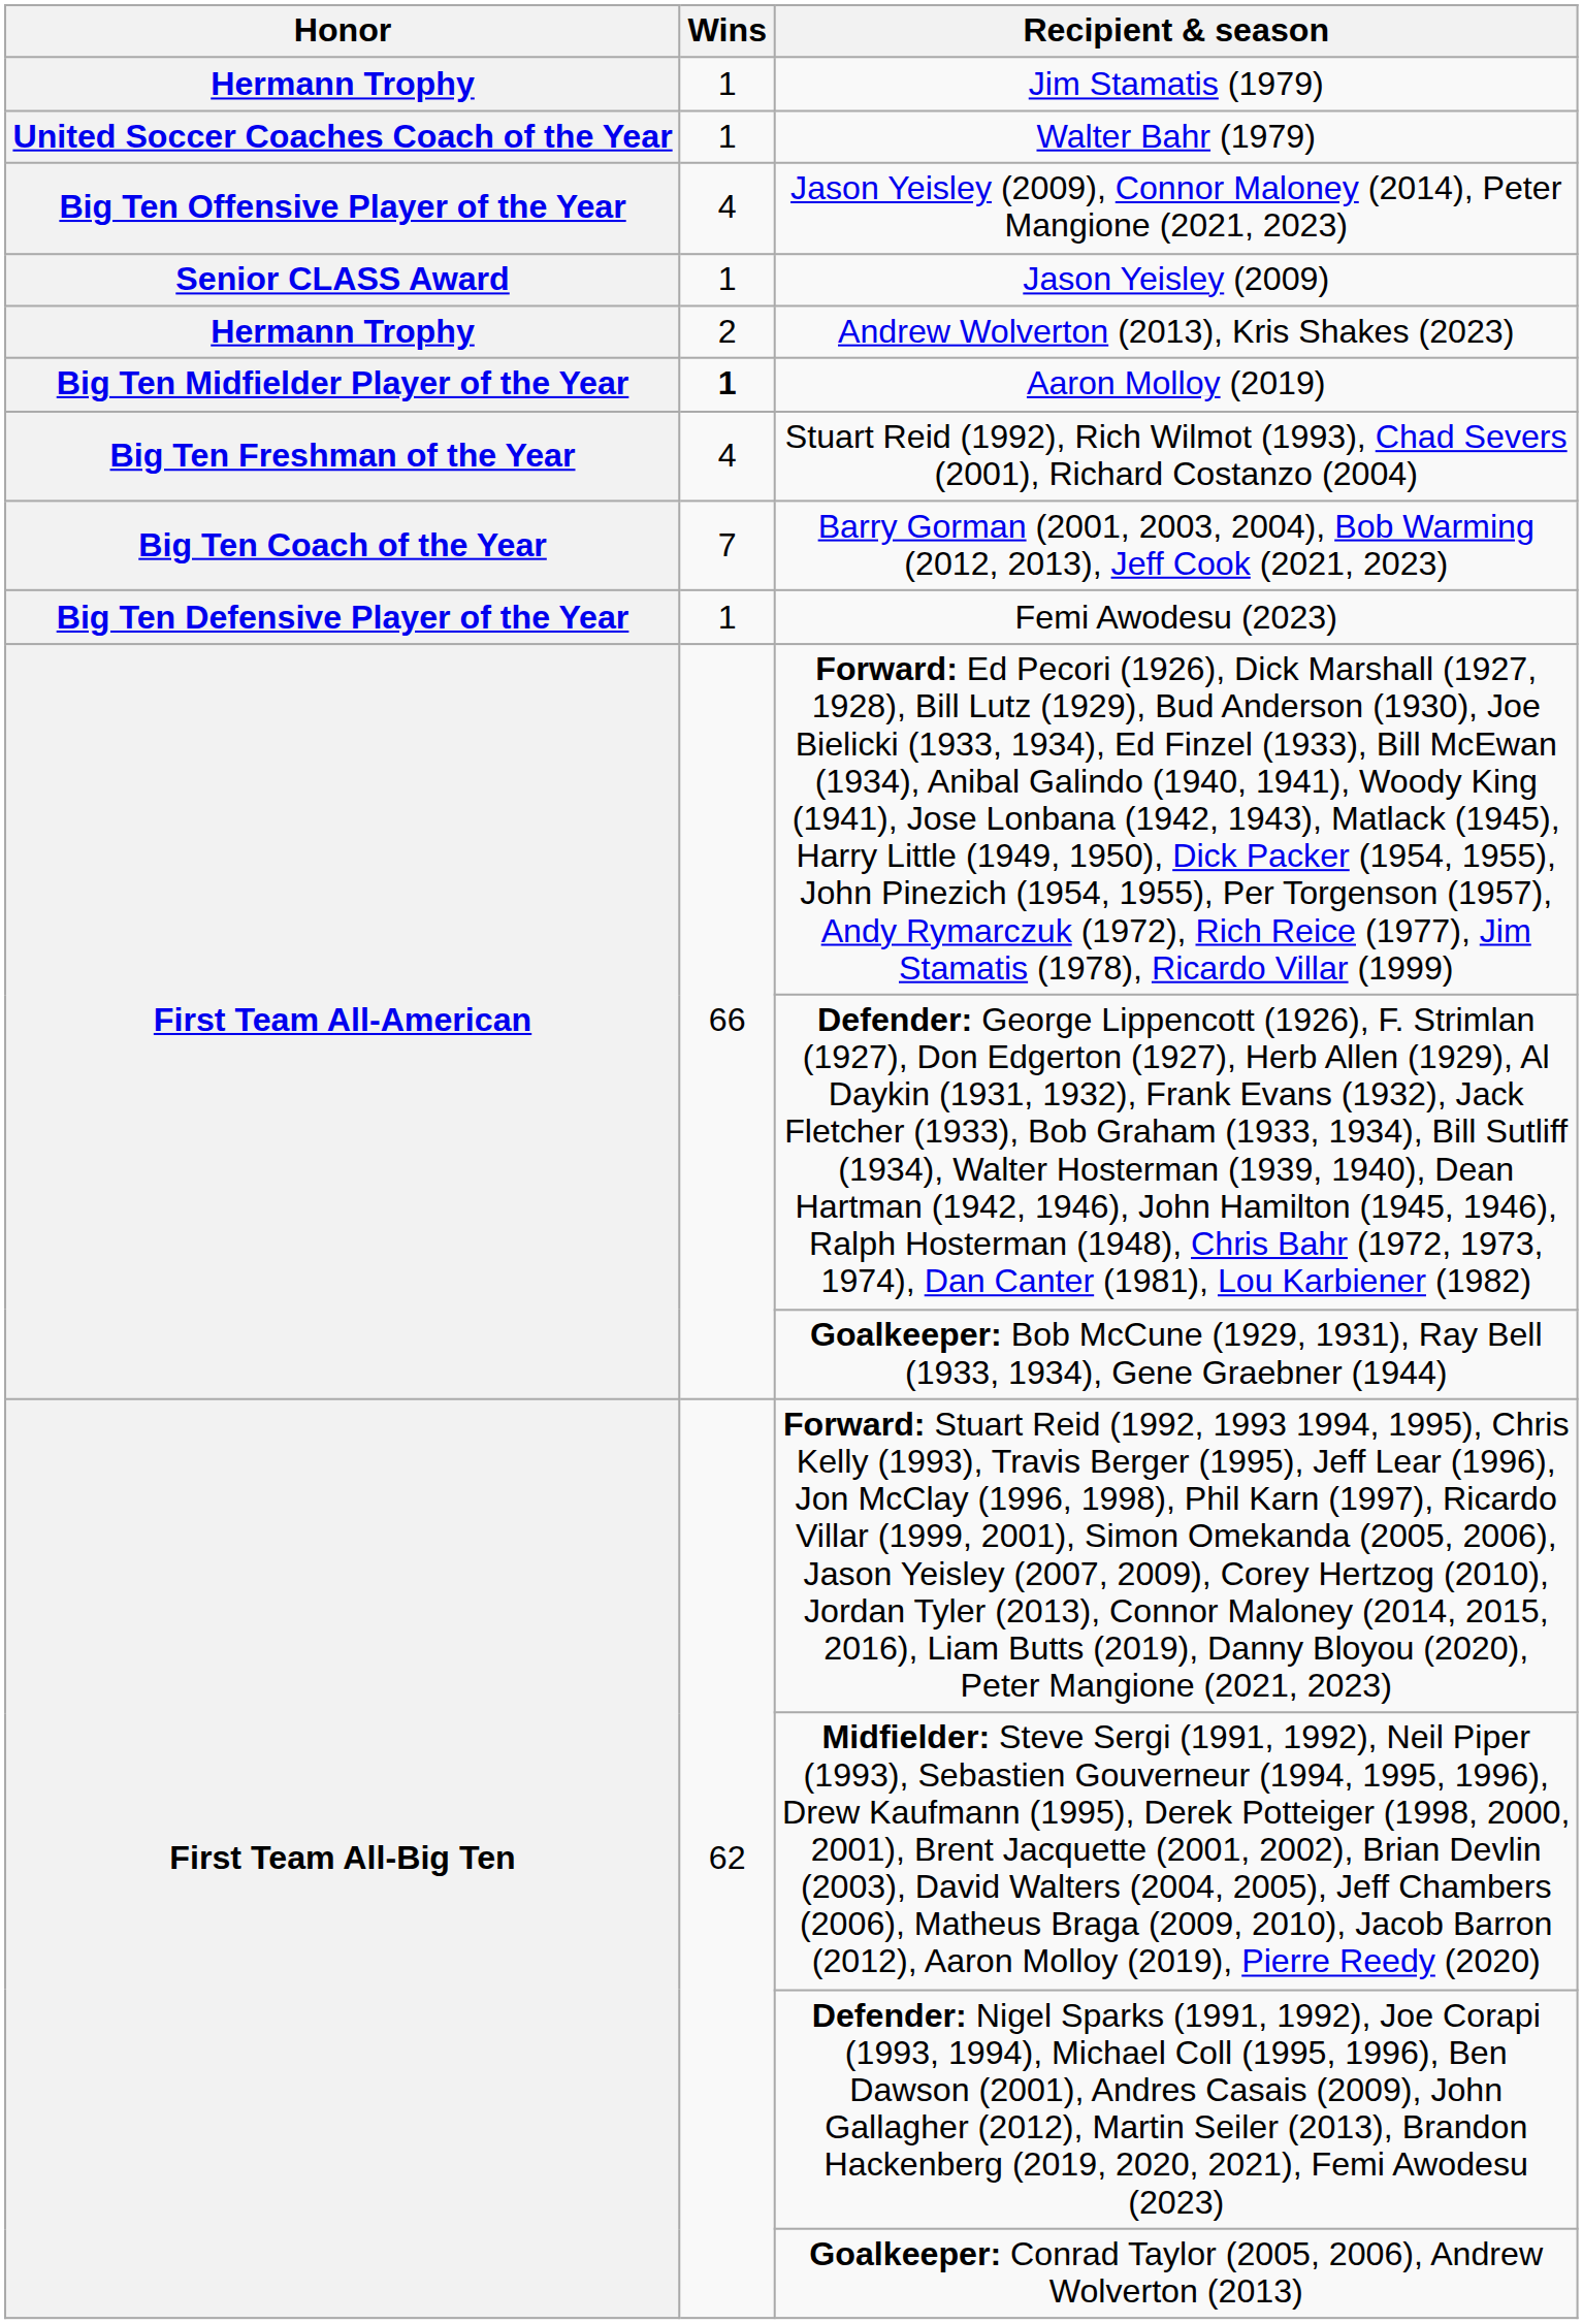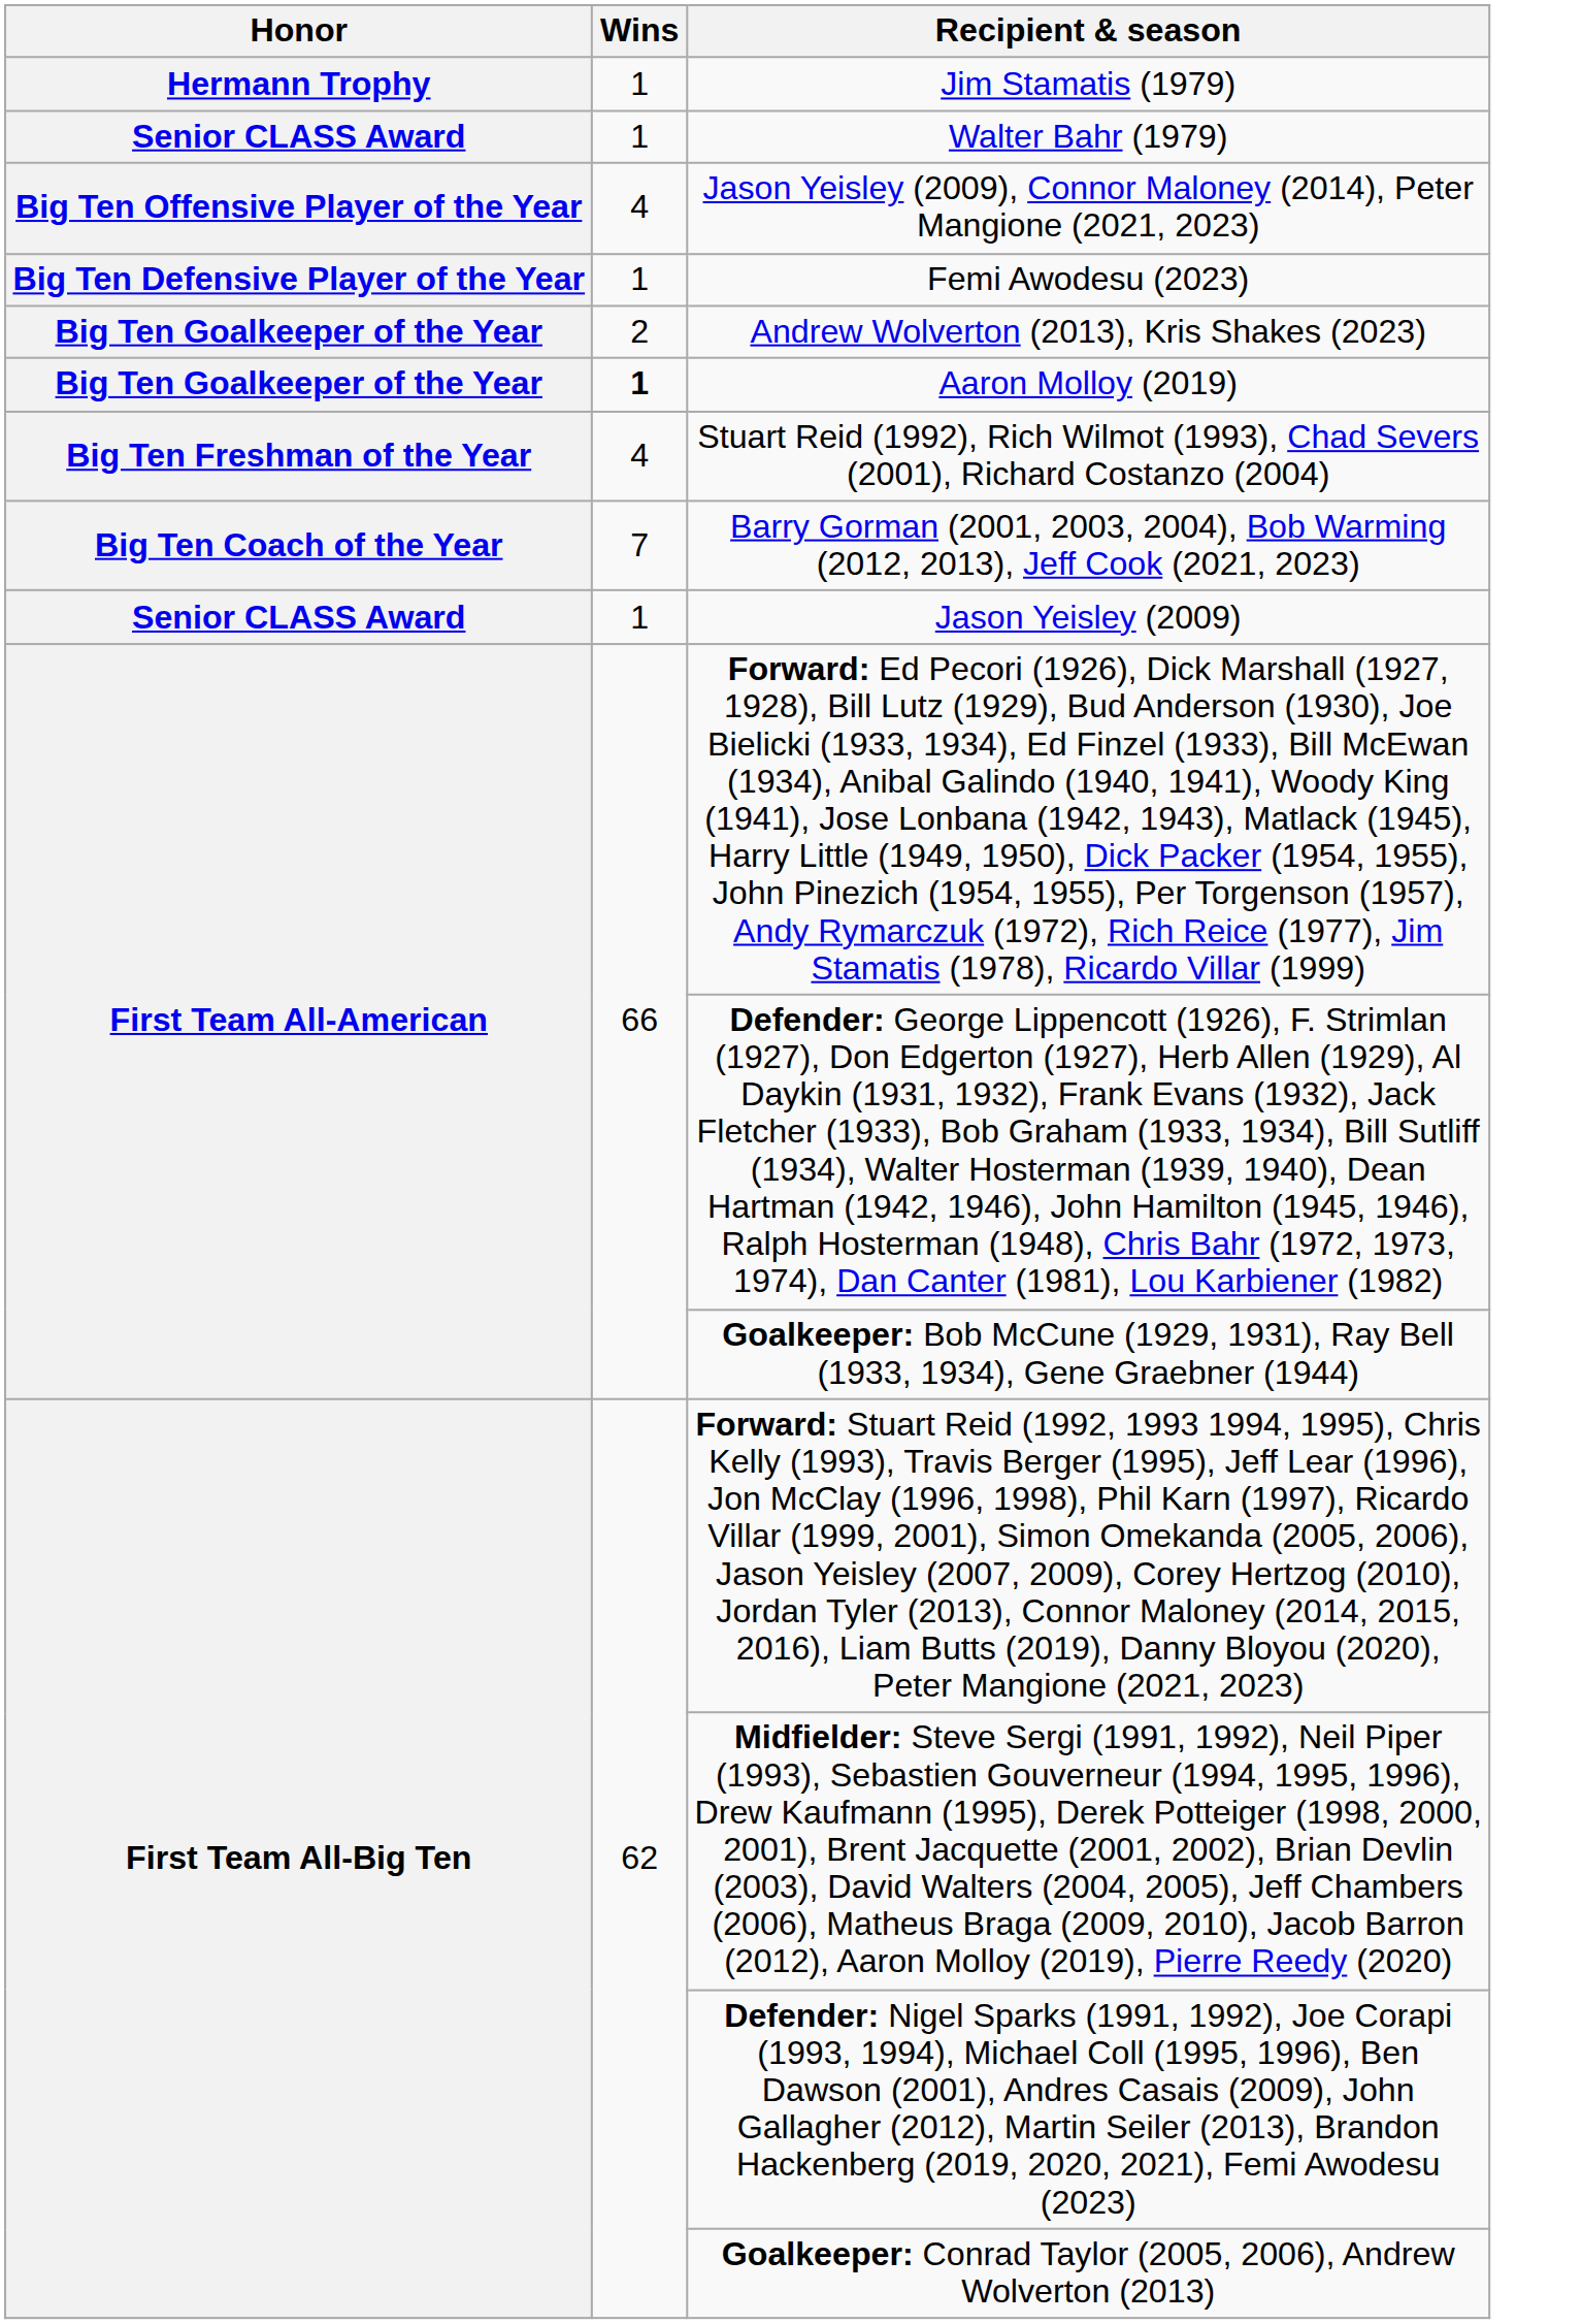 <table class="wikitable"; style= "text-align:center">
 <tr>
 <th>Honor</th>
 <th>Wins</th>
 <th>Recipient & season</th>
 </tr>
 <tr>
 <th style="text-align:center"><a href='#'>Hermann Trophy</a></th>
 <td>1</td>
 <td style="text-align:center"><a href='#'>Jim Stamatis</a> (1979)</td>
 </tr>
 <tr>
-<th style="text-align:center"><a href='#'>United Soccer Coaches Coach of the Year</a></th>
+<th style="text-align:center"><a href='#'>Senior CLASS Award</a></th>
 <td>1</td>
 <td style="text-align:center"><a href='#'>Walter Bahr</a> (1979)</td>
 </tr>
 <tr>
 <th style="text-align:center"><a href='#'>Big Ten Offensive Player of the Year</a></th>
 <td>4</td>
 <td style="text-align:center"><a href='#'>Jason Yeisley</a> (2009), <a href='#'>Connor Maloney</a> (2014), Peter Mangione (2021, 2023)</td>
 </tr>
 <tr>
-<th style="text-align:center"><a href='#'>Senior CLASS Award</a></th>
+<th style="text-align:center"><a href='#'>Big Ten Defensive Player of the Year</a></th>
 <td>1</td>
-<td style="text-align:center"><a href='#'>Jason Yeisley</a> (2009)</td>
+<td style="text-align:center">Femi Awodesu (2023)</td>
 </tr>
 <tr>
-<th style="text-align:center"><a href='#'>Hermann Trophy</a></th>
+<th style="text-align:center"><a href='#'>Big Ten Goalkeeper of the Year</a></th>
 <td>2</td>
 <td style="text-align:center"><a href='#'>Andrew Wolverton</a> (2013), Kris Shakes (2023)</td>
 </tr>
 <tr>
-<th style="text-align:center"><a href='#'>Big Ten Midfielder Player of the Year</a></th>
+<th style="text-align:center"><a href='#'>Big Ten Goalkeeper of the Year</a></th>
 <td><strong>1</strong></td>
 <td style="text-align:center"><a href='#'>Aaron Molloy</a> (2019)</td>
 </tr>
 <tr>
 <th style="text-align:center"><a href='#'>Big Ten Freshman of the Year</a></th>
 <td>4</td>
 <td style="text-align:center">Stuart Reid (1992), Rich Wilmot (1993), <a href='#'>Chad Severs</a> (2001), Richard Costanzo (2004)</td>
 </tr>
 <tr>
 <th style="text-align:center"><a href='#'>Big Ten Coach of the Year</a></th>
 <td>7</td>
 <td style="text-align:center"><a href='#'>Barry Gorman</a> (2001, 2003, 2004), <a href='#'>Bob Warming</a> (2012, 2013), <a href='#'>Jeff Cook</a> (2021, 2023)</td>
 </tr>
 <tr>
-<th style="text-align:center"><a href='#'>Big Ten Defensive Player of the Year</a></th>
+<th style="text-align:center"><a href='#'>Senior CLASS Award</a></th>
 <td>1</td>
-<td style="text-align:center">Femi Awodesu (2023)</td>
+<td style="text-align:center"><a href='#'>Jason Yeisley</a> (2009)</td>
 </tr>
 <tr>
 <th style="text-align:center" rowspan="3"><a href='#'>First Team All-American</a></th>
 <td rowspan="3">66</td>
 <td style="text-align:center; width:380px"><strong>Forward:</strong> Ed Pecori (1926), Dick Marshall (1927, 1928), Bill Lutz (1929), Bud Anderson (1930), Joe Bielicki (1933, 1934), Ed Finzel (1933), Bill McEwan (1934), Anibal Galindo (1940, 1941), Woody King (1941), Jose Lonbana (1942, 1943), Matlack (1945), Harry Little (1949, 1950), <a href='#'>Dick Packer</a> (1954, 1955), John Pinezich (1954, 1955), Per Torgenson (1957), <a href='#'>Andy Rymarczuk</a> (1972), <a href='#'>Rich Reice</a> (1977), <a href='#'>Jim Stamatis</a> (1978), <a href='#'>Ricardo Villar</a> (1999)</td>
 </tr>
 <tr>
 <td style="text-align:center; width:380px"><strong>Defender:</strong> George Lippencott (1926), F. Strimlan (1927), Don Edgerton (1927), Herb Allen (1929), Al Daykin (1931, 1932), Frank Evans (1932), Jack Fletcher (1933), Bob Graham (1933, 1934), Bill Sutliff (1934), Walter Hosterman (1939, 1940), Dean Hartman (1942, 1946), John Hamilton (1945, 1946), Ralph Hosterman (1948), <a href='#'>Chris Bahr</a> (1972, 1973, 1974), <a href='#'>Dan Canter</a> (1981), <a href='#'>Lou Karbiener</a> (1982)</td>
 </tr>
 <tr>
 <td style="text-align:center; width:380px"><strong>Goalkeeper:</strong> Bob McCune (1929, 1931), Ray Bell (1933, 1934), Gene Graebner (1944)</td>
 </tr>
 <tr>
 <th style="text-align:center" rowspan="4">First Team All-Big Ten</th>
 <td rowspan="4">62</td>
 <td style="text-align:center; width:380px"><strong>Forward:</strong> Stuart Reid (1992, 1993 1994, 1995), Chris Kelly (1993), Travis Berger (1995), Jeff Lear (1996), Jon McClay (1996, 1998), Phil Karn (1997), Ricardo Villar (1999, 2001), Simon Omekanda (2005, 2006), Jason Yeisley (2007, 2009), Corey Hertzog (2010), Jordan Tyler (2013), Connor Maloney (2014, 2015, 2016), Liam Butts (2019), Danny Bloyou (2020), Peter Mangione (2021, 2023)</td>
 </tr>
 <tr>
 <td style="text-align:center; width:380px"><strong>Midfielder:</strong> Steve Sergi (1991, 1992), Neil Piper (1993), Sebastien Gouverneur (1994, 1995, 1996), Drew Kaufmann (1995), Derek Potteiger (1998, 2000, 2001), Brent Jacquette (2001, 2002), Brian Devlin (2003), David Walters (2004, 2005), Jeff Chambers (2006), Matheus Braga (2009, 2010), Jacob Barron (2012), Aaron Molloy (2019), <a href='#'>Pierre Reedy</a> (2020)</td>
 </tr>
 <tr>
 <td style="text-align:center; width:380px"><strong>Defender:</strong> Nigel Sparks (1991, 1992), Joe Corapi (1993, 1994), Michael Coll (1995, 1996), Ben Dawson (2001), Andres Casais (2009), John Gallagher (2012), Martin Seiler (2013), Brandon Hackenberg (2019, 2020, 2021), Femi Awodesu (2023)</td>
 </tr>
 <tr>
 <td style="text-align:center; width:380px"><strong>Goalkeeper:</strong> Conrad Taylor (2005, 2006), Andrew Wolverton (2013)</td>
 </tr>
 </table>
